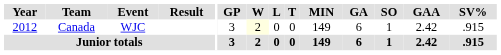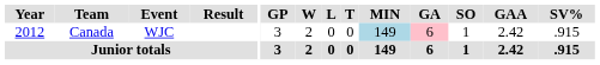 <table border="0" cellpadding="1" cellspacing="0" ID="Table3" style="text-align:center; width:40em;">
 <tr bgcolor="#e0e0e0">
 <th>Year</th>
 <th>Team</th>
 <th>Event</th>
 <th>Result</th>
 <th rowspan="99" bgcolor="#ffffff"></th>
 <th>GP</th>
 <th>W</th>
 <th>L</th>
 <th>T</th>
 <th>MIN</th>
 <th>GA</th>
 <th>SO</th>
 <th>GAA</th>
 <th>SV%</th>
 </tr>
 <tr>
 <td><a href='#'>2012</a></td>
 <td><a href='#'>Canada</a></td>
 <td><a href='#'>WJC</a></td>
 <td></td>
 <td>3</td>
-<td style="background: lightyellow;">2</td>
+<td>2</td>
 <td>0</td>
 <td>0</td>
-<td>149</td>
-<td>6</td>
+<td style="background: lightblue;">149</td>
+<td style="background: pink;">6</td>
 <td>1</td>
 <td>2.42</td>
 <td>.915</td>
 </tr>
 <tr bgcolor="#e0e0e0">
 <th colspan="4">Junior totals</th>
 <th>3</th>
 <th>2</th>
 <th>0</th>
 <th>0</th>
 <th>149</th>
 <th>6</th>
 <th>1</th>
 <th>2.42</th>
 <th>.915</th>
 </tr>
 </table>
